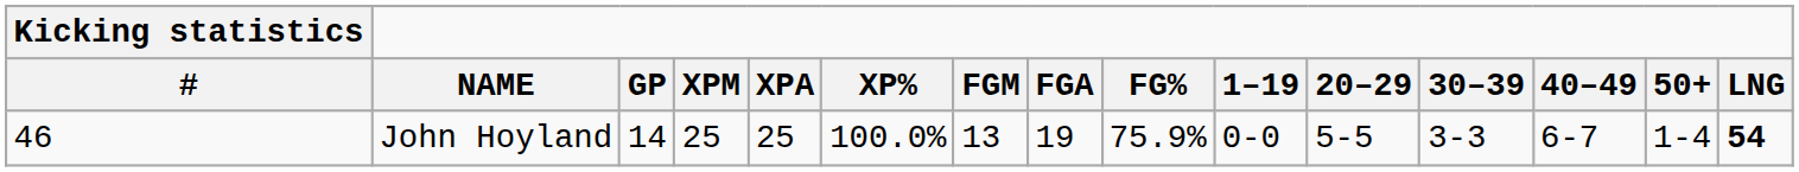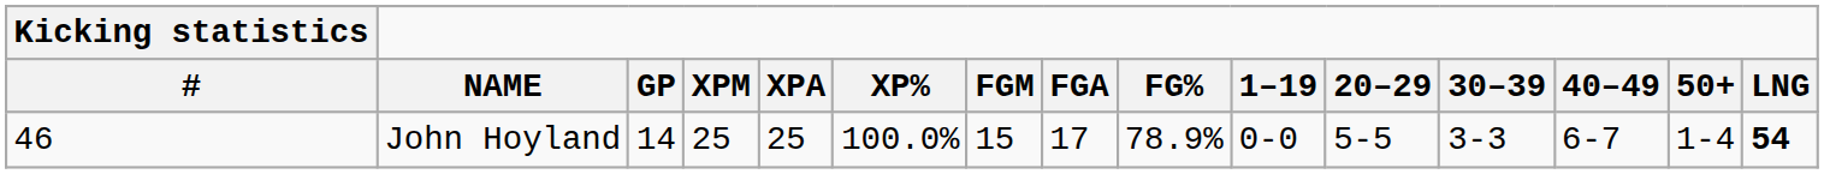 <table class="wikitable collapsible">
 <tr>
 <th style="text-align:center; ">Kicking statistics</th>
 </tr>
 <tr>
 <th>#</th>
 <th>NAME</th>
 <th>GP</th>
 <th>XPM</th>
 <th>XPA</th>
 <th>XP%</th>
 <th>FGM</th>
 <th>FGA</th>
 <th>FG%</th>
 <th>1–19</th>
 <th>20–29</th>
 <th>30–39</th>
 <th>40–49</th>
 <th>50+</th>
 <th>LNG</th>
 </tr>
 <tr>
 <td>46</td>
 <td>John Hoyland</td>
 <td>14</td>
 <td>25</td>
 <td>25</td>
 <td>100.0%</td>
-<td>13</td>
-<td>19</td>
-<td>75.9%</td>
+<td>15</td>
+<td>17</td>
+<td>78.9%</td>
 <td>0-0</td>
 <td>5-5</td>
 <td>3-3</td>
 <td>6-7</td>
 <td>1-4</td>
 <td><strong>54</strong></td>
 </tr>
 </table>
